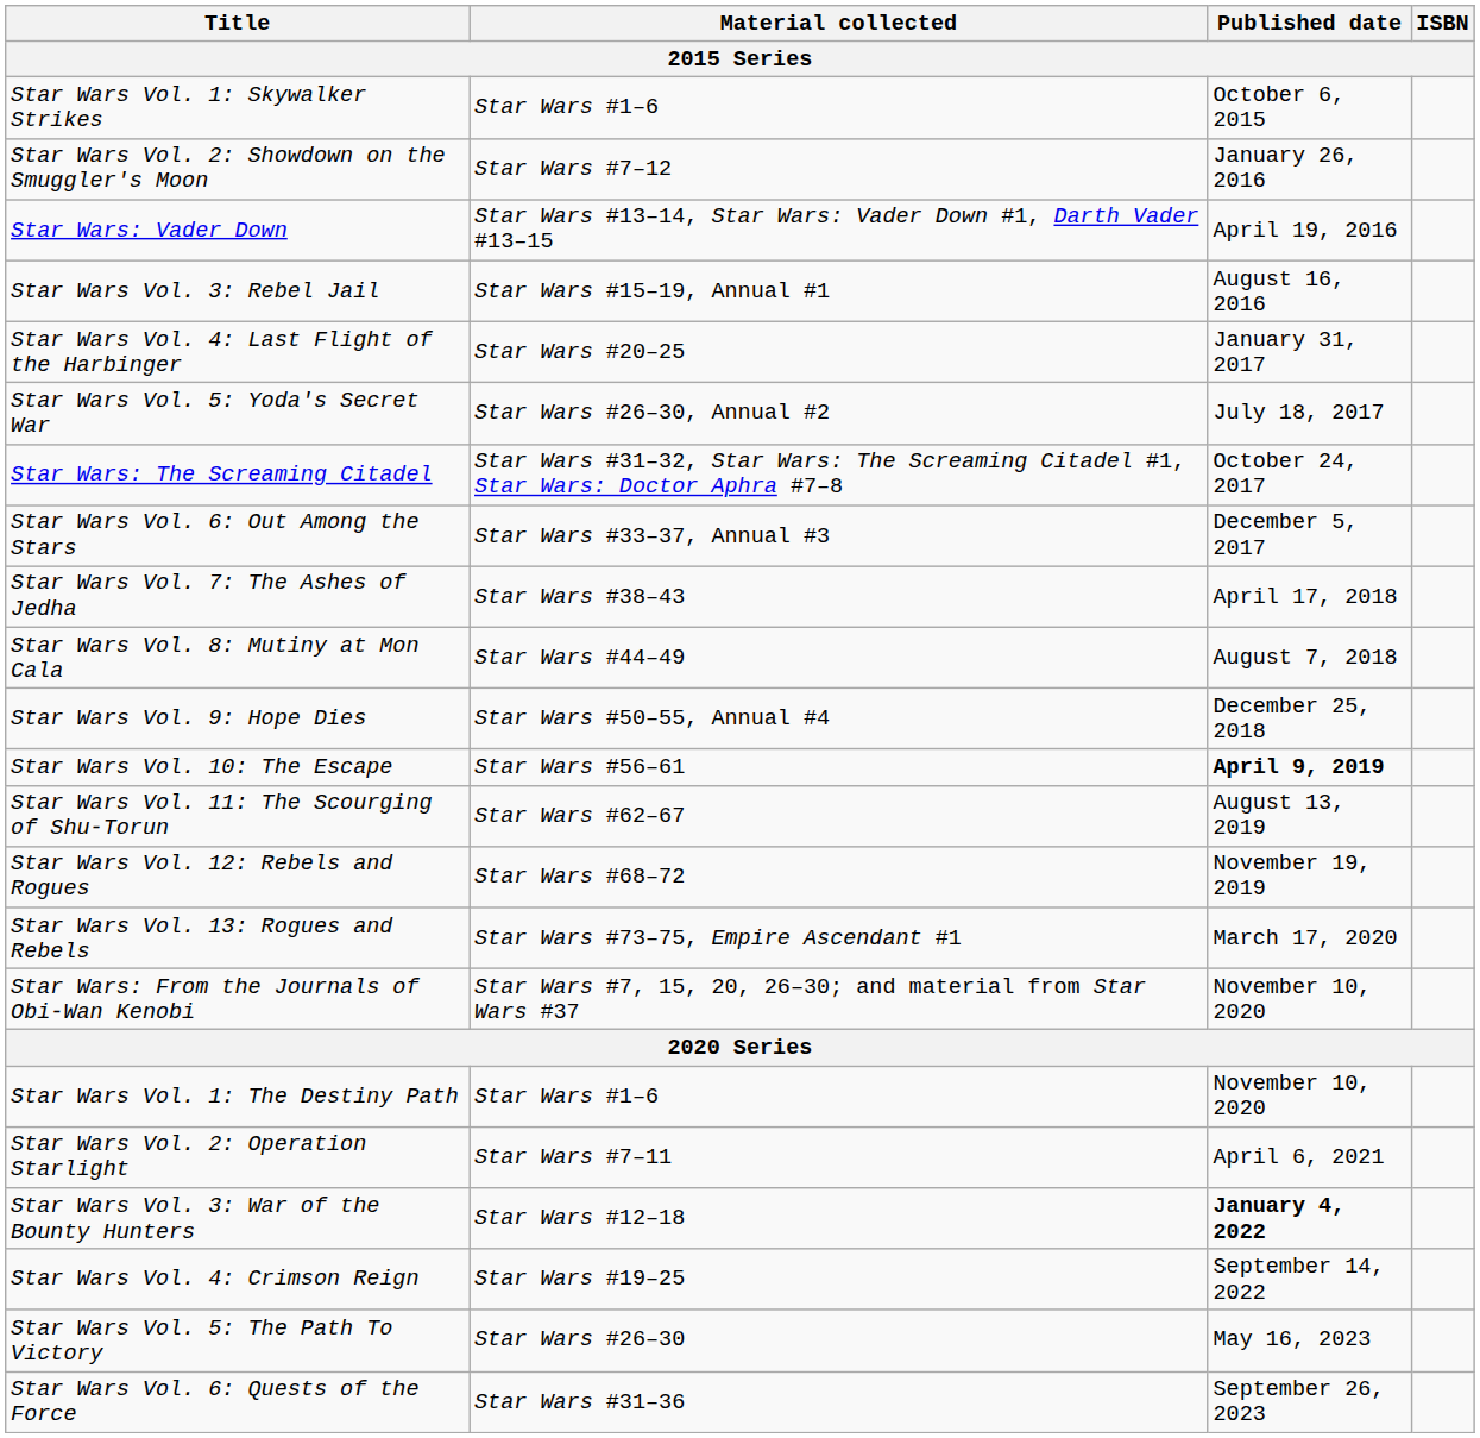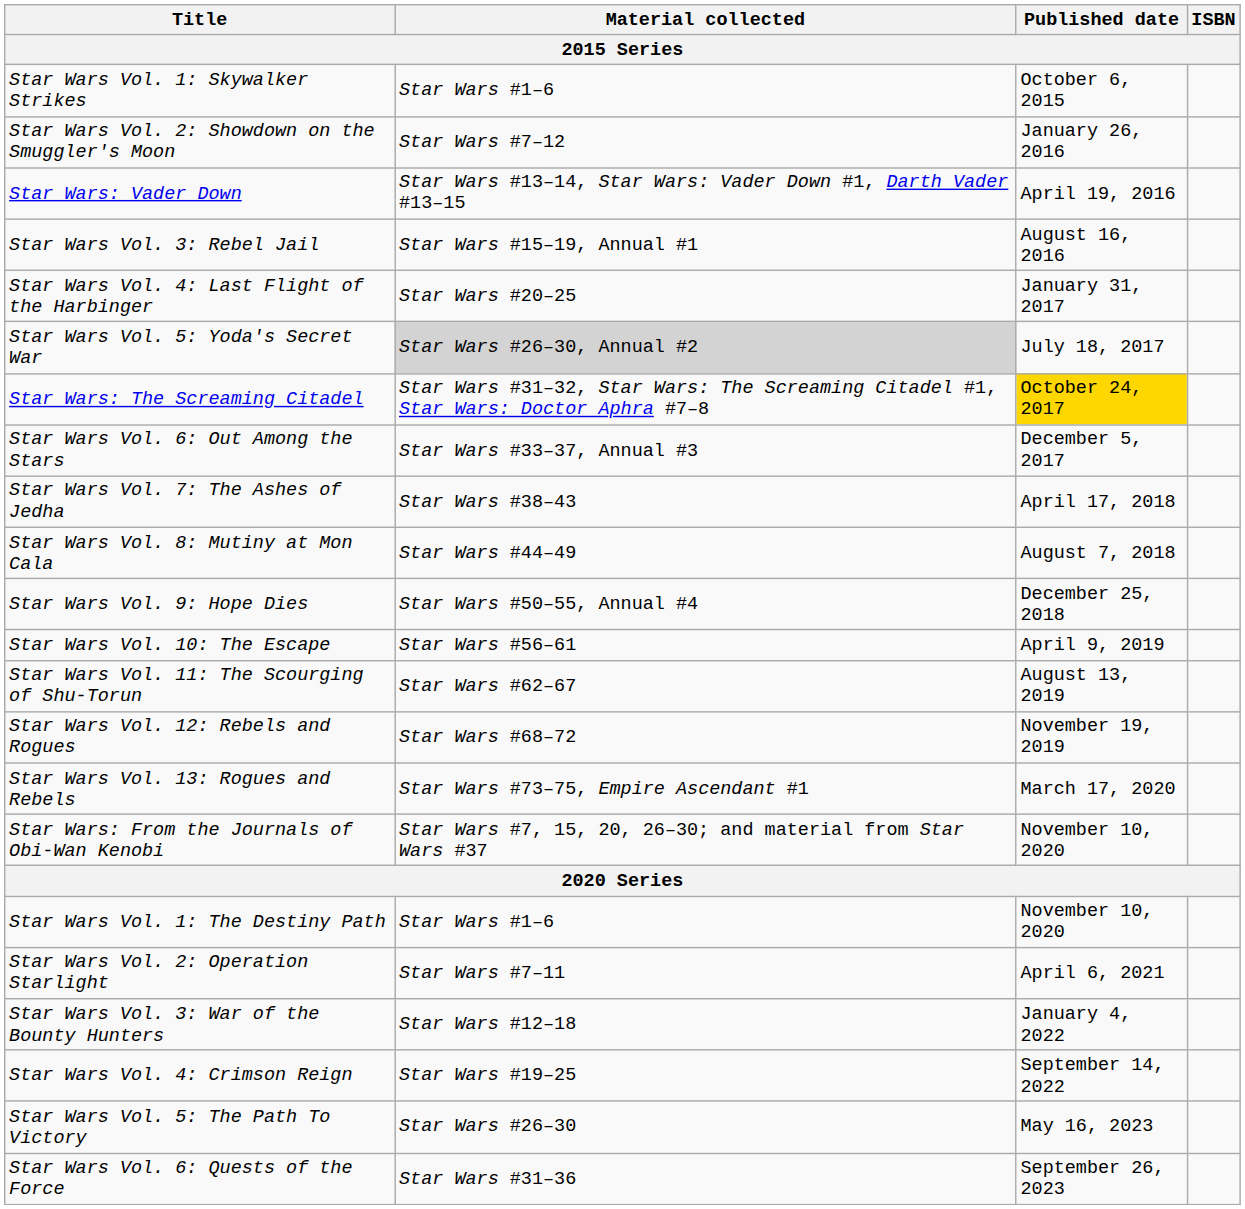 <table class="wikitable">
 <tr>
 <th>Title</th>
 <th>Material collected</th>
 <th>Published date</th>
 <th>ISBN</th>
 </tr>
 <tr>
 <th colspan="4">2015 Series</th>
 </tr>
 <tr>
 <td><em>Star Wars Vol. 1: Skywalker Strikes</em></td>
 <td><em>Star Wars</em> #1–6</td>
 <td>October 6, 2015</td>
 <td></td>
 </tr>
 <tr>
 <td><em>Star Wars Vol. 2: Showdown on the Smuggler's Moon</em></td>
 <td><em>Star Wars</em> #7–12</td>
 <td>January 26, 2016</td>
 <td></td>
 </tr>
 <tr>
 <td><em><a href='#'>Star Wars: Vader Down</a></em></td>
 <td><em>Star Wars</em> #13–14, <em>Star Wars: Vader Down</em> #1, <em><a href='#'>Darth Vader</a></em> #13–15</td>
 <td>April 19, 2016</td>
 <td></td>
 </tr>
 <tr>
 <td><em>Star Wars Vol. 3: Rebel Jail</em></td>
 <td><em>Star Wars</em> #15–19, Annual #1</td>
 <td>August 16, 2016</td>
 <td></td>
 </tr>
 <tr>
 <td><em>Star Wars Vol. 4: Last Flight of the Harbinger</em></td>
 <td><em>Star Wars</em> #20–25</td>
 <td>January 31, 2017</td>
 <td></td>
 </tr>
 <tr>
 <td><em>Star Wars Vol. 5: Yoda's Secret War</em></td>
-<td><em>Star Wars</em> #26–30, Annual #2</td>
+<td style="background: lightgrey;"><em>Star Wars</em> #26–30, Annual #2</td>
 <td>July 18, 2017</td>
 <td></td>
 </tr>
 <tr>
 <td><em><a href='#'>Star Wars: The Screaming Citadel</a></em></td>
 <td><em>Star Wars</em> #31–32, <em>Star Wars: The Screaming Citadel</em> #1, <em><a href='#'>Star Wars: Doctor Aphra</a></em> #7–8</td>
-<td>October 24, 2017</td>
+<td style="background: gold;">October 24, 2017</td>
 <td></td>
 </tr>
 <tr>
 <td><em>Star Wars Vol. 6: Out Among the Stars</em></td>
 <td><em>Star Wars</em> #33–37, Annual #3</td>
 <td>December 5, 2017</td>
 <td></td>
 </tr>
 <tr>
 <td><em>Star Wars Vol. 7: The Ashes of Jedha</em></td>
 <td><em>Star Wars</em> #38–43</td>
 <td>April 17, 2018</td>
 <td></td>
 </tr>
 <tr>
 <td><em>Star Wars Vol. 8: Mutiny at Mon Cala</em></td>
 <td><em>Star Wars</em> #44–49</td>
 <td>August 7, 2018</td>
 <td></td>
 </tr>
 <tr>
 <td><em>Star Wars Vol. 9: Hope Dies</em></td>
 <td><em>Star Wars</em> #50–55, Annual #4</td>
 <td>December 25, 2018</td>
 <td></td>
 </tr>
 <tr>
 <td><em>Star Wars Vol. 10: The Escape</em></td>
 <td><em>Star Wars</em> #56–61</td>
-<td><strong>April 9, 2019</strong></td>
+<td>April 9, 2019</td>
 <td></td>
 </tr>
 <tr>
 <td><em>Star Wars Vol. 11: The Scourging of Shu-Torun</em></td>
 <td><em>Star Wars</em> #62–67</td>
 <td>August 13, 2019</td>
 <td></td>
 </tr>
 <tr>
 <td><em>Star Wars Vol. 12: Rebels and Rogues</em></td>
 <td><em>Star Wars</em> #68–72</td>
 <td>November 19, 2019</td>
 <td></td>
 </tr>
 <tr>
 <td><em>Star Wars Vol. 13: Rogues and Rebels</em></td>
 <td><em>Star Wars</em> #73–75, <em>Empire Ascendant</em> #1</td>
 <td>March 17, 2020</td>
 <td></td>
 </tr>
 <tr>
 <td><em>Star Wars: From the Journals of Obi-Wan Kenobi</em></td>
 <td><em>Star Wars</em> #7, 15, 20, 26–30; and material from <em>Star Wars</em> #37</td>
 <td>November 10, 2020</td>
 <td></td>
 </tr>
 <tr>
 <th colspan="4">2020 Series</th>
 </tr>
 <tr>
 <td><em>Star Wars Vol. 1: The Destiny Path</em></td>
 <td><em>Star Wars</em> #1–6</td>
 <td>November 10, 2020</td>
 <td></td>
 </tr>
 <tr>
 <td><em>Star Wars Vol. 2: Operation Starlight</em></td>
 <td><em>Star Wars</em> #7–11</td>
 <td>April 6, 2021</td>
 <td></td>
 </tr>
 <tr>
 <td><em>Star Wars Vol. 3: War of the Bounty Hunters</em></td>
 <td><em>Star Wars</em> #12–18</td>
-<td><strong>January 4, 2022</strong></td>
+<td>January 4, 2022</td>
 <td></td>
 </tr>
 <tr>
 <td><em>Star Wars Vol. 4: Crimson Reign</em></td>
 <td><em>Star Wars</em> #19–25</td>
 <td>September 14, 2022</td>
 <td></td>
 </tr>
 <tr>
 <td><em>Star Wars Vol. 5: The Path To Victory</em></td>
 <td><em>Star Wars</em> #26–30</td>
 <td>May 16, 2023</td>
 <td></td>
 </tr>
 <tr>
 <td><em>Star Wars Vol. 6: Quests of the Force</em></td>
 <td><em>Star Wars</em> #31–36</td>
 <td>September 26, 2023</td>
 <td></td>
 </tr>
 </table>
